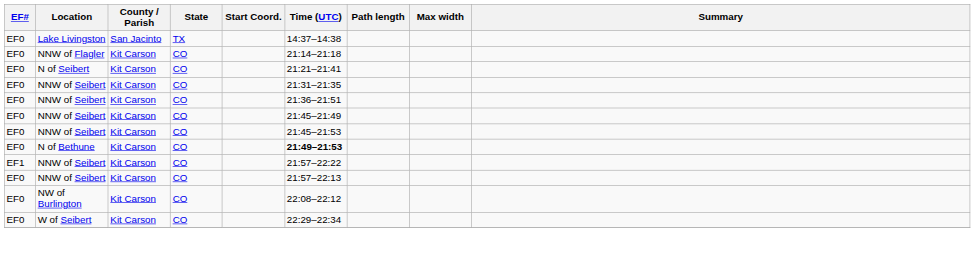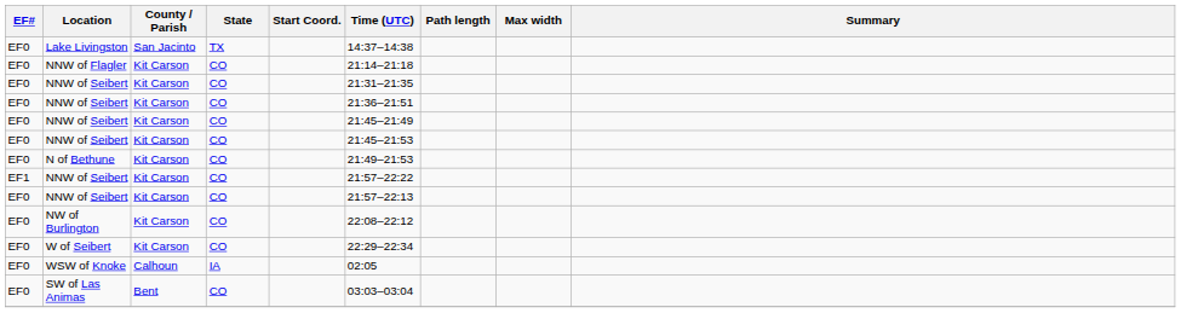 <table class="wikitable sortable" style="width:100%;">
 <tr>
 <th scope="col"  style="width:3%; text-align:center;"><a href='#'>EF#</a></th>
 <th scope="col"  style="width:7%; text-align:center;" class="unsortable">Location</th>
 <th scope="col"  style="width:6%; text-align:center;" class="unsortable">County / Parish</th>
 <th scope="col"  style="width:5%; text-align:center;">State</th>
 <th scope="col"  style="width:6%; text-align:center;">Start Coord.</th>
 <th scope="col"  style="width:6%; text-align:center;">Time (<a href='#'>UTC</a>)</th>
 <th scope="col"  style="width:6%; text-align:center;">Path length</th>
 <th scope="col"  style="width:6%; text-align:center;">Max width</th>
 <th scope="col" class="unsortable" style="width:48%; text-align:center;">Summary</th>
 </tr>
 <tr>
 <td>EF0</td>
 <td><a href='#'>Lake Livingston</a></td>
 <td><a href='#'>San Jacinto</a></td>
 <td><a href='#'>TX</a></td>
 <td></td>
 <td>14:37–14:38</td>
 <td></td>
 <td></td>
 <td></td>
 </tr>
 <tr>
 <td>EF0</td>
 <td>NNW of <a href='#'>Flagler</a></td>
 <td><a href='#'>Kit Carson</a></td>
 <td><a href='#'>CO</a></td>
 <td></td>
 <td>21:14–21:18</td>
-<td></td>
-<td></td>
-<td></td>
-</tr>
-<tr>
-<td>EF0</td>
-<td>N of <a href='#'>Seibert</a></td>
-<td><a href='#'>Kit Carson</a></td>
-<td><a href='#'>CO</a></td>
-<td></td>
-<td>21:21–21:41</td>
 <td></td>
 <td></td>
 <td></td>
 </tr>
 <tr>
 <td>EF0</td>
 <td>NNW of <a href='#'>Seibert</a></td>
 <td><a href='#'>Kit Carson</a></td>
 <td><a href='#'>CO</a></td>
 <td></td>
 <td>21:31–21:35</td>
 <td></td>
 <td></td>
 <td></td>
 </tr>
 <tr>
 <td>EF0</td>
 <td>NNW of <a href='#'>Seibert</a></td>
 <td><a href='#'>Kit Carson</a></td>
 <td><a href='#'>CO</a></td>
 <td></td>
 <td>21:36–21:51</td>
 <td></td>
 <td></td>
 <td></td>
 </tr>
 <tr>
 <td>EF0</td>
 <td>NNW of <a href='#'>Seibert</a></td>
 <td><a href='#'>Kit Carson</a></td>
 <td><a href='#'>CO</a></td>
 <td></td>
 <td>21:45–21:49</td>
 <td></td>
 <td></td>
 <td></td>
 </tr>
 <tr>
 <td>EF0</td>
 <td>NNW of <a href='#'>Seibert</a></td>
 <td><a href='#'>Kit Carson</a></td>
 <td><a href='#'>CO</a></td>
 <td></td>
 <td>21:45–21:53</td>
 <td></td>
 <td></td>
 <td></td>
 </tr>
 <tr>
 <td>EF0</td>
 <td>N of <a href='#'>Bethune</a></td>
 <td><a href='#'>Kit Carson</a></td>
 <td><a href='#'>CO</a></td>
 <td></td>
-<td><strong>21:49–21:53</strong></td>
+<td>21:49–21:53</td>
 <td></td>
 <td></td>
 <td></td>
 </tr>
 <tr>
 <td>EF1</td>
 <td>NNW of <a href='#'>Seibert</a></td>
 <td><a href='#'>Kit Carson</a></td>
 <td><a href='#'>CO</a></td>
 <td></td>
 <td>21:57–22:22</td>
 <td></td>
 <td></td>
 <td></td>
 </tr>
 <tr>
 <td>EF0</td>
 <td>NNW of <a href='#'>Seibert</a></td>
 <td><a href='#'>Kit Carson</a></td>
 <td><a href='#'>CO</a></td>
 <td></td>
 <td>21:57–22:13</td>
 <td></td>
 <td></td>
 <td></td>
 </tr>
 <tr>
 <td>EF0</td>
 <td>NW of <a href='#'>Burlington</a></td>
 <td><a href='#'>Kit Carson</a></td>
 <td><a href='#'>CO</a></td>
 <td></td>
 <td>22:08–22:12</td>
 <td></td>
 <td></td>
 <td></td>
 </tr>
 <tr>
 <td>EF0</td>
 <td>W of <a href='#'>Seibert</a></td>
 <td><a href='#'>Kit Carson</a></td>
 <td><a href='#'>CO</a></td>
 <td></td>
 <td>22:29–22:34</td>
 <td></td>
 <td></td>
 <td></td>
 </tr>
 <tr>
+<td>EF0</td>
+<td>WSW of <a href='#'>Knoke</a></td>
+<td><a href='#'>Calhoun</a></td>
+<td><a href='#'>IA</a></td>
+<td></td>
+<td>02:05</td>
+<td></td>
+<td></td>
+<td></td>
+</tr>
+<tr>
+<td>EF0</td>
+<td>SW of <a href='#'>Las Animas</a></td>
+<td><a href='#'>Bent</a></td>
+<td><a href='#'>CO</a></td>
+<td></td>
+<td>03:03–03:04</td>
+<td></td>
+<td></td>
+<td></td>
+</tr>
+<tr>
 </tr>
 </table>
